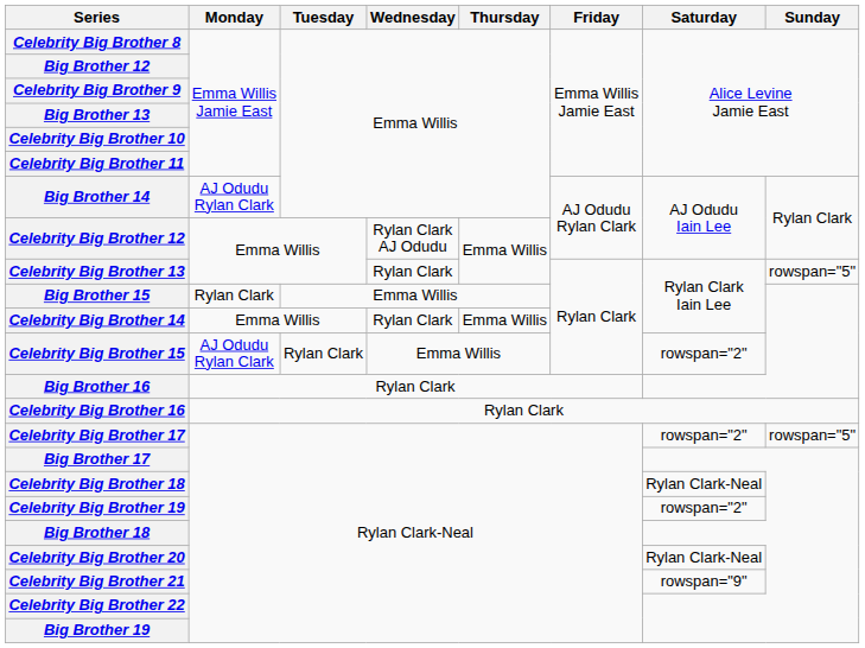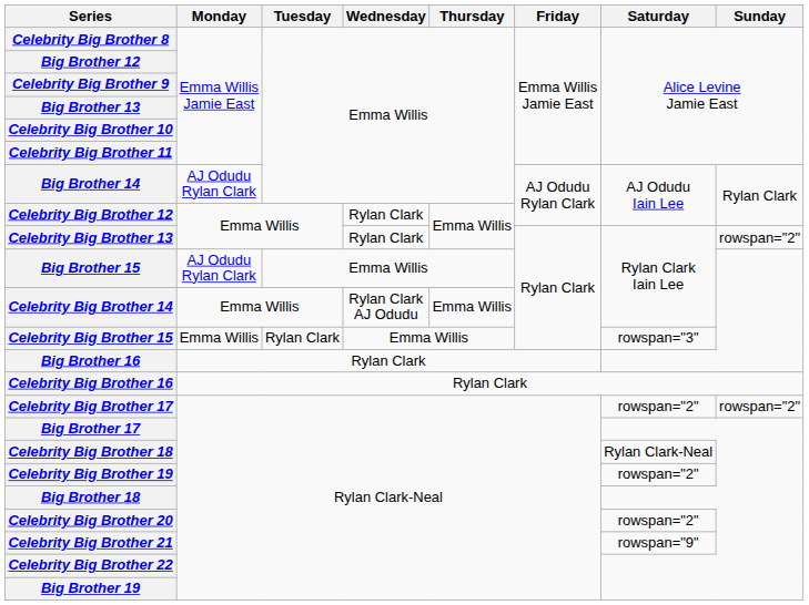 <table class="wikitable" style="text-align: center;">
 <tr>
 <th>Series</th>
 <th>Monday</th>
 <th>Tuesday</th>
 <th>Wednesday</th>
 <th>Thursday</th>
 <th>Friday</th>
 <th>Saturday</th>
 <th>Sunday</th>
 </tr>
 <tr>
 <th><em><a href='#'>Celebrity Big Brother 8</a></em></th>
 <td rowspan="6"><a href='#'>Emma Willis</a><br><a href='#'>Jamie East</a></td>
 <td rowspan="7" colspan="3">Emma Willis</td>
 <td rowspan="6">Emma Willis<br>Jamie East</td>
 <td rowspan="6" colspan="2"><a href='#'>Alice Levine</a><br>Jamie East</td>
 </tr>
 <tr>
 <th><em><a href='#'>Big Brother 12</a></em></th>
 </tr>
 <tr>
 <th><em><a href='#'>Celebrity Big Brother 9</a></em></th>
 </tr>
 <tr>
 <th><em><a href='#'>Big Brother 13</a></em></th>
 </tr>
 <tr>
 <th><em><a href='#'>Celebrity Big Brother 10</a></em></th>
 </tr>
 <tr>
 <th><em><a href='#'>Celebrity Big Brother 11</a></em></th>
 </tr>
 <tr>
 <th><em><a href='#'>Big Brother 14</a></em></th>
 <td><a href='#'>AJ Odudu</a><br><a href='#'>Rylan Clark</a></td>
 <td rowspan="2">AJ Odudu<br>Rylan Clark</td>
 <td rowspan=2>AJ Odudu<br><a href='#'>Iain Lee</a></td>
 <td rowspan=2>Rylan Clark</td>
 </tr>
 <tr>
 <th><em><a href='#'>Celebrity Big Brother 12</a></em></th>
 <td rowspan="2" colspan="2">Emma Willis</td>
-<td>Rylan Clark<br>AJ Odudu</td>
+<td>Rylan Clark</td>
 <td rowspan="2">Emma Willis</td>
 </tr>
 <tr>
 <th><em><a href='#'>Celebrity Big Brother 13</a></em></th>
 <td>Rylan Clark<br></td>
 <td rowspan="4">Rylan Clark<br></td>
 <td rowspan="3">Rylan Clark<br>Iain Lee</td>
-<td>rowspan="5" </td>
+<td>rowspan="2" </td>
 </tr>
 <tr>
 <th><em><a href='#'>Big Brother 15</a></em></th>
-<td>Rylan Clark</td>
+<td><a href='#'>AJ Odudu</a><br><a href='#'>Rylan Clark</a></td>
 <td colspan="3">Emma Willis</td>
 </tr>
 <tr>
 <th><em><a href='#'>Celebrity Big Brother 14</a></em></th>
 <td colspan="2">Emma Willis</td>
-<td>Rylan Clark</td>
+<td>Rylan Clark<br>AJ Odudu</td>
 <td>Emma Willis</td>
 </tr>
 <tr>
 <th><em><a href='#'>Celebrity Big Brother 15</a></em></th>
-<td><a href='#'>AJ Odudu</a><br><a href='#'>Rylan Clark</a></td>
+<td>Emma Willis</td>
 <td>Rylan Clark</td>
 <td colspan="2">Emma Willis</td>
-<td>rowspan="2" </td>
+<td>rowspan="3" </td>
 </tr>
 <tr>
 <th><em><a href='#'>Big Brother 16</a></em></th>
 <td colspan="5">Rylan Clark</td>
 </tr>
 <tr>
 <th><em><a href='#'>Celebrity Big Brother 16</a></em></th>
 <td colspan="7">Rylan Clark</td>
 </tr>
 <tr>
 <th><em><a href='#'>Celebrity Big Brother 17</a></em></th>
 <td rowspan="9" colspan="5">Rylan Clark-Neal</td>
 <td>rowspan="2" </td>
-<td>rowspan="5" </td>
+<td>rowspan="2" </td>
 </tr>
 <tr>
 <th><em><a href='#'>Big Brother 17</a></em></th>
 </tr>
 <tr>
 <th><em><a href='#'>Celebrity Big Brother 18</a></em></th>
 <td>Rylan Clark-Neal</td>
 </tr>
 <tr>
 <th><em><a href='#'>Celebrity Big Brother 19</a></em></th>
 <td>rowspan="2" </td>
 </tr>
 <tr>
 <th><em><a href='#'>Big Brother 18</a></em></th>
 </tr>
 <tr>
 <th><em><a href='#'>Celebrity Big Brother 20</a></em></th>
-<td>Rylan Clark-Neal</td>
+<td>rowspan="2" </td>
 </tr>
 <tr>
 <th><em><a href='#'>Celebrity Big Brother 21</a></em></th>
 <td>rowspan="9" </td>
 </tr>
 <tr>
 <th><em><a href='#'>Celebrity Big Brother 22</a></em></th>
 </tr>
 <tr>
 <th><em><a href='#'>Big Brother 19</a></em></th>
 </tr>
 </table>
